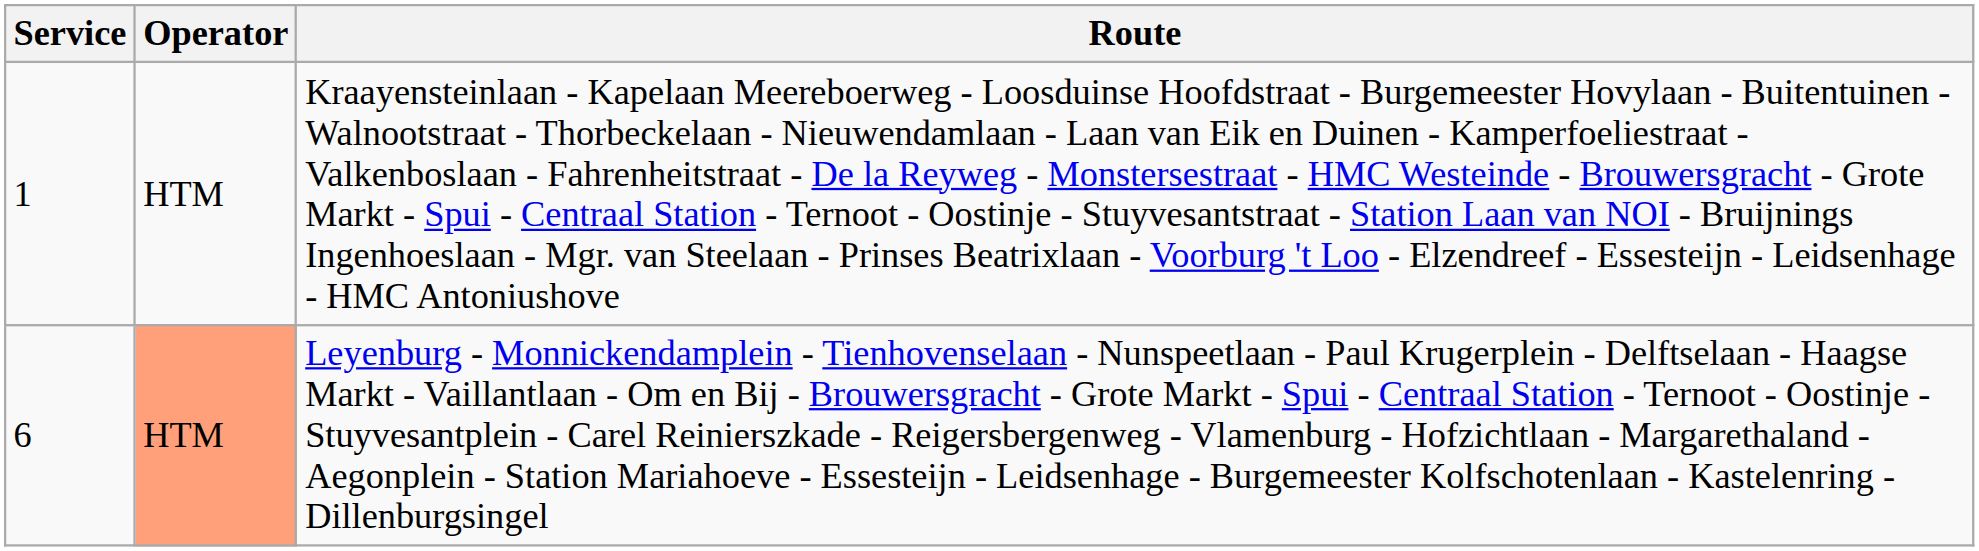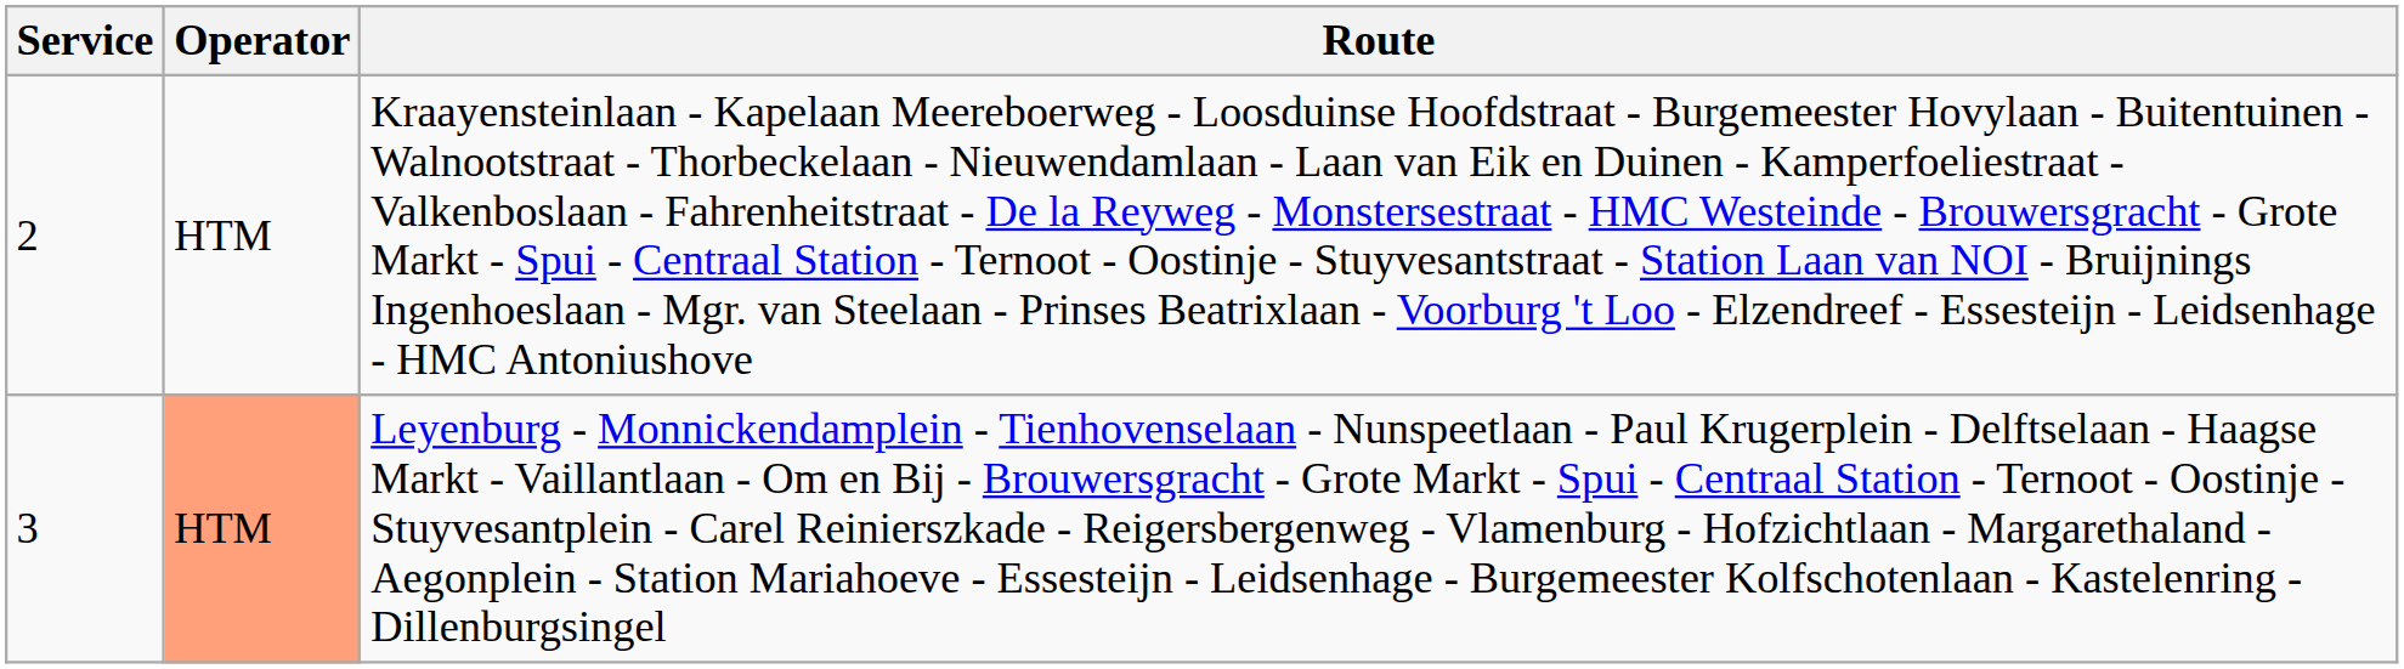 <table class="wikitable vatop">
 <tr>
 <th>Service</th>
 <th>Operator</th>
 <th>Route</th>
 </tr>
 <tr>
-<td>1</td>
+<td>2</td>
 <td>HTM</td>
 <td>Kraayensteinlaan - Kapelaan Meereboerweg - Loosduinse Hoofdstraat - Burgemeester Hovylaan - Buitentuinen - Walnootstraat - Thorbeckelaan - Nieuwendamlaan - Laan van Eik en Duinen - Kamperfoeliestraat - Valkenboslaan - Fahrenheitstraat - <a href='#'>De la Reyweg</a> - <a href='#'>Monstersestraat</a> - <a href='#'>HMC Westeinde</a> - <a href='#'>Brouwersgracht</a> - Grote Markt - <a href='#'>Spui</a> - <a href='#'>Centraal Station</a> - Ternoot - Oostinje - Stuyvesantstraat - <a href='#'>Station Laan van NOI</a> - Bruijnings Ingenhoeslaan - Mgr. van Steelaan - Prinses Beatrixlaan - <a href='#'>Voorburg 't Loo</a> - Elzendreef - Essesteijn - Leidsenhage - HMC Antoniushove</td>
 </tr>
 <tr>
-<td>6</td>
+<td>3</td>
 <td style="background: lightsalmon;">HTM</td>
 <td><a href='#'>Leyenburg</a> - <a href='#'>Monnickendamplein</a> - <a href='#'>Tienhovenselaan</a> - Nunspeetlaan - Paul Krugerplein - Delftselaan - Haagse Markt - Vaillantlaan - Om en Bij - <a href='#'>Brouwersgracht</a> - Grote Markt - <a href='#'>Spui</a> - <a href='#'>Centraal Station</a> - Ternoot - Oostinje - Stuyvesantplein - Carel Reinierszkade - Reigersbergenweg - Vlamenburg - Hofzichtlaan - Margarethaland - Aegonplein - Station Mariahoeve - Essesteijn - Leidsenhage - Burgemeester Kolfschotenlaan - Kastelenring - Dillenburgsingel</td>
 </tr>
 </table>
